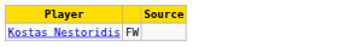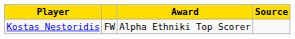 <table class="wikitable">
 <tr>
 <th style="background:#FFDE00">Player</th>
 <th style="background:#FFDE00"></th>
+<th style="background:#FFDE00">Award</th>
 <th style="background:#FFDE00">Source</th>
 </tr>
 <tr>
 <td> <a href='#'>Kostas Nestoridis</a></td>
 <td align="center">FW</td>
+<td align="center">Alpha Ethniki Top Scorer</td>
 <td align="center"></td>
 </tr>
 </table>
